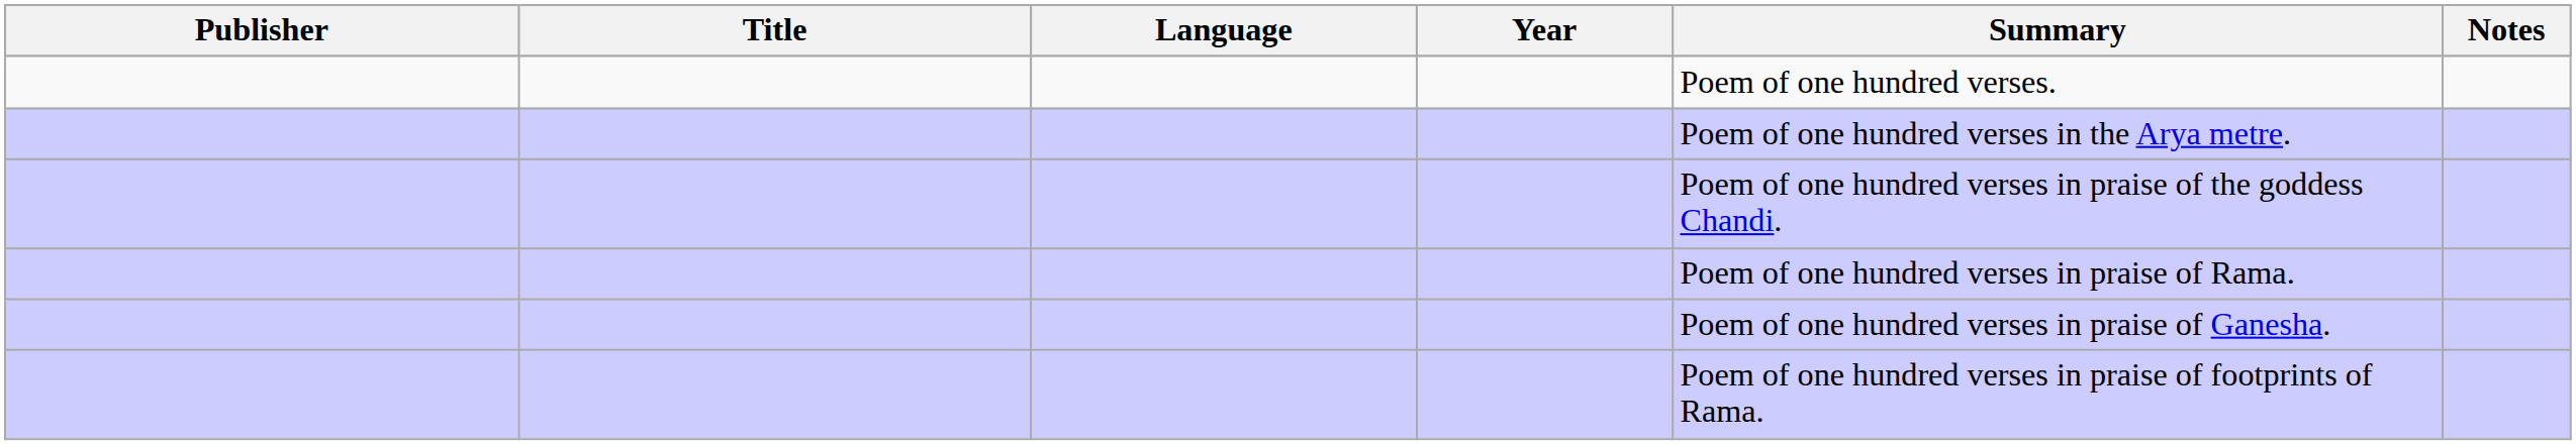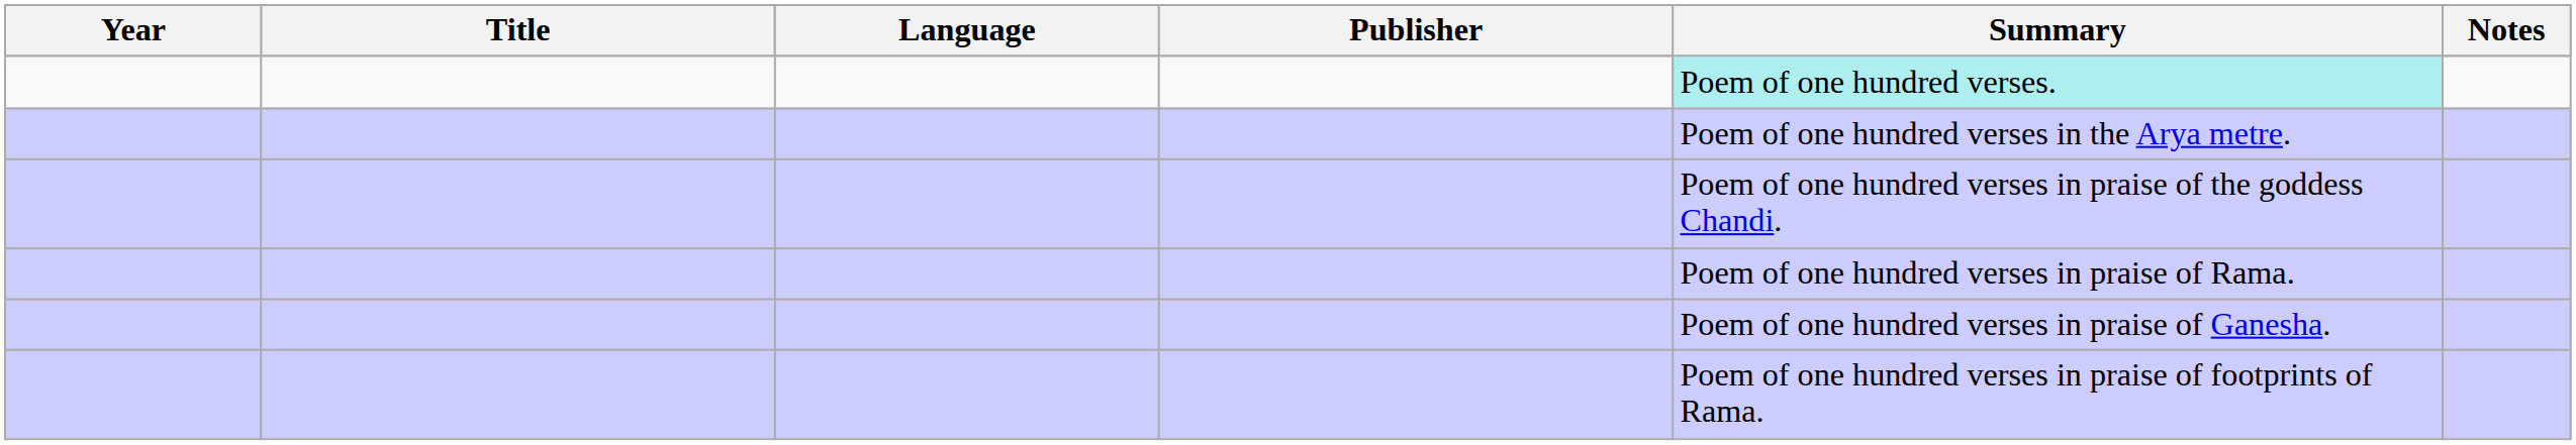 <table class="wikitable sortable" align="center" cellpadding="7" style="clear:both;" width="100%">
 <tr align="center" bgcolor="#696969">
-<th scope="col" width="20%"><div>Publisher</div></th>
+<th scope="col" width="10%"><div>Year</div></th>
 <th scope="col" width="20%"><div>Title</div></th>
 <th scope="col" width="15%"><div>Language</div></th>
-<th scope="col" width="10%"><div>Year</div></th>
+<th scope="col" width="20%"><div>Publisher</div></th>
 <th scope="col" class="unsortable" align="center" width="30%">Summary</th>
 <th scope="col" class="unsortable" align="center" width="5%">Notes</th>
 </tr>
 <tr valign="top">
 <td></td>
 <td></td>
 <td></td>
 <td></td>
-<td>Poem of one hundred verses.</td>
+<td style="background: paleturquoise;">Poem of one hundred verses.</td>
 <td></td>
 </tr>
 <tr valign="top" style="background:#ccccff">
 <td></td>
 <td></td>
 <td></td>
 <td></td>
 <td>Poem of one hundred verses in the <a href='#'>Arya metre</a>.</td>
 <td></td>
 </tr>
 <tr valign="top" style="background:#ccccff">
 <td></td>
 <td></td>
 <td></td>
 <td></td>
 <td>Poem of one hundred verses in praise of the goddess <a href='#'>Chandi</a>.</td>
 <td></td>
 </tr>
 <tr valign="top" style="background:#ccccff">
 <td></td>
 <td></td>
 <td></td>
 <td></td>
 <td>Poem of one hundred verses in praise of Rama.</td>
 <td></td>
 </tr>
 <tr valign="top" style="background:#ccccff">
 <td></td>
 <td></td>
 <td></td>
 <td></td>
 <td>Poem of one hundred verses in praise of <a href='#'>Ganesha</a>.</td>
 <td></td>
 </tr>
 <tr valign="top" style="background:#ccccff">
 <td></td>
 <td></td>
 <td></td>
 <td></td>
 <td>Poem of one hundred verses in praise of footprints of Rama.</td>
 <td></td>
 </tr>
 </table>
